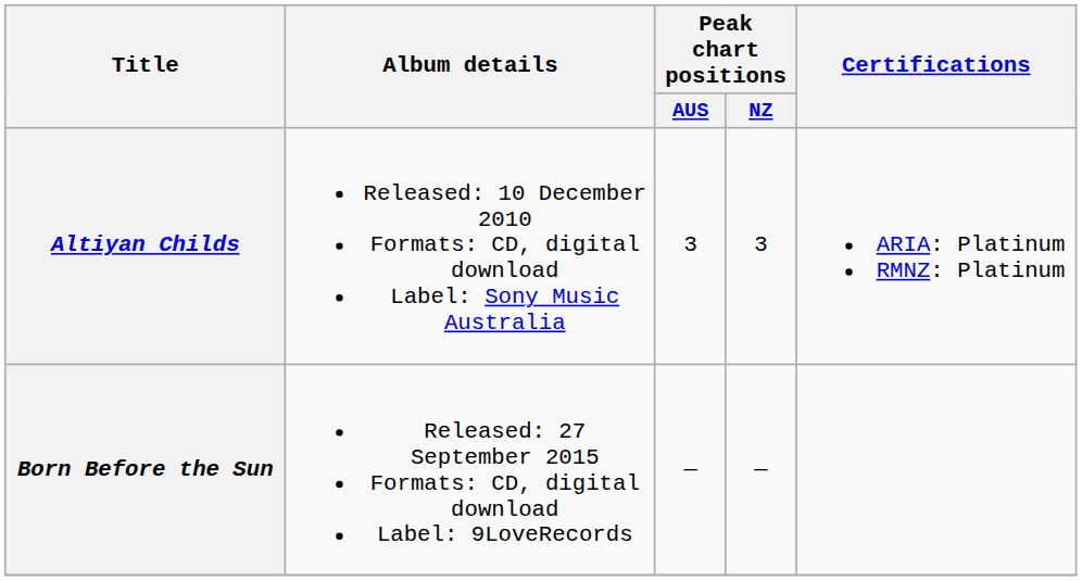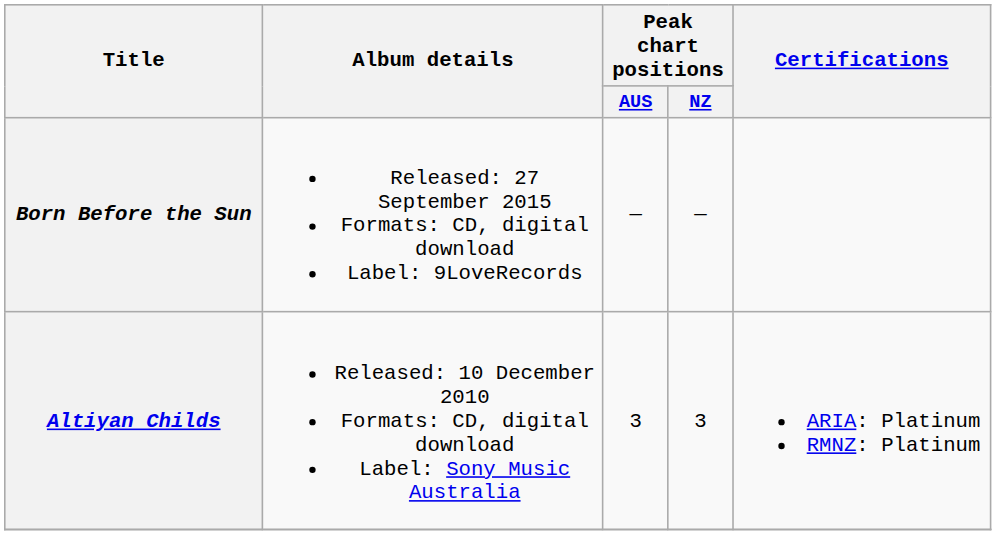 <table class="wikitable plainrowheaders" style="text-align:center;">
 <tr>
 <th scope="col" rowspan="2" style="width:12em;">Title</th>
 <th scope="col" rowspan="2" style="width:16em;">Album details</th>
 <th scope="col" colspan="2">Peak chart positions</th>
 <th scope="col" rowspan="2" style="width:12em;"><a href='#'>Certifications</a></th>
 </tr>
 <tr>
 <th scope="col" style="width:3em;font-size:90%;"><a href='#'>AUS</a><br></th>
 <th scope="col" style="width:3em;font-size:90%;"><a href='#'>NZ</a><br></th>
 </tr>
 <tr>
+<th scope="row"><em>Born Before the Sun</em></th>
+<td><br><ul><li>Released: 27 September 2015</li><li>Formats: CD, digital download</li><li>Label: 9LoveRecords</li></ul></td>
+<td>—</td>
+<td>—</td>
+<td></td>
+</tr>
+<tr>
 <th scope="row"><em><a href='#'>Altiyan Childs</a></em></th>
 <td><br><ul><li>Released: 10 December 2010</li><li>Formats: CD, digital download</li><li>Label: <a href='#'>Sony Music Australia</a></li></ul></td>
 <td>3</td>
 <td>3</td>
 <td><br><ul><li><a href='#'>ARIA</a>: Platinum</li><li><a href='#'>RMNZ</a>: Platinum</li></ul></td>
 </tr>
 <tr>
-<th scope="row"><em>Born Before the Sun</em></th>
-<td><br><ul><li>Released: 27 September 2015</li><li>Formats: CD, digital download</li><li>Label: 9LoveRecords</li></ul></td>
-<td>—</td>
-<td>—</td>
-<td></td>
-</tr>
-<tr>
 </tr>
 </table>
